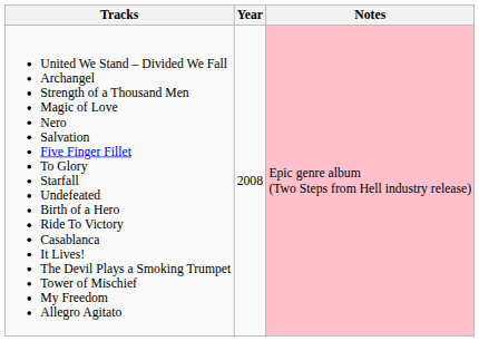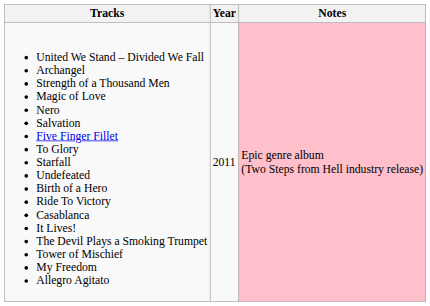 <table class="wikitable sortable">
 <tr>
 <th>Tracks</th>
 <th>Year</th>
 <th>Notes</th>
 </tr>
 <tr>
 <td><br><ul><li>United We Stand – Divided We Fall</li><li>Archangel</li><li>Strength of a Thousand Men</li><li>Magic of Love</li><li>Nero</li><li>Salvation</li><li><a href='#'>Five Finger Fillet</a></li><li>To Glory</li><li>Starfall</li><li>Undefeated</li><li>Birth of a Hero</li><li>Ride To Victory</li><li>Casablanca</li><li>It Lives!</li><li>The Devil Plays a Smoking Trumpet</li><li>Tower of Mischief</li><li>My Freedom</li><li>Allegro Agitato</li></ul></td>
-<td>2008</td>
+<td>2011</td>
 <td style="background: pink;">Epic genre album<br>(Two Steps from Hell industry release)</td>
 </tr>
 </table>
